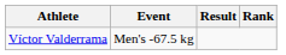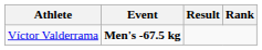 <table class="wikitable" style="font-size:90%">
 <tr>
 <th>Athlete</th>
 <th>Event</th>
 <th>Result</th>
 <th>Rank</th>
 </tr>
 <tr align=center>
 <td align=left><a href='#'>Víctor Valderrama</a></td>
-<td align=left>Men's -67.5 kg</td>
+<td align=left><strong>Men's -67.5 kg</strong></td>
 <td colspan=2></td>
 </tr>
 </table>
